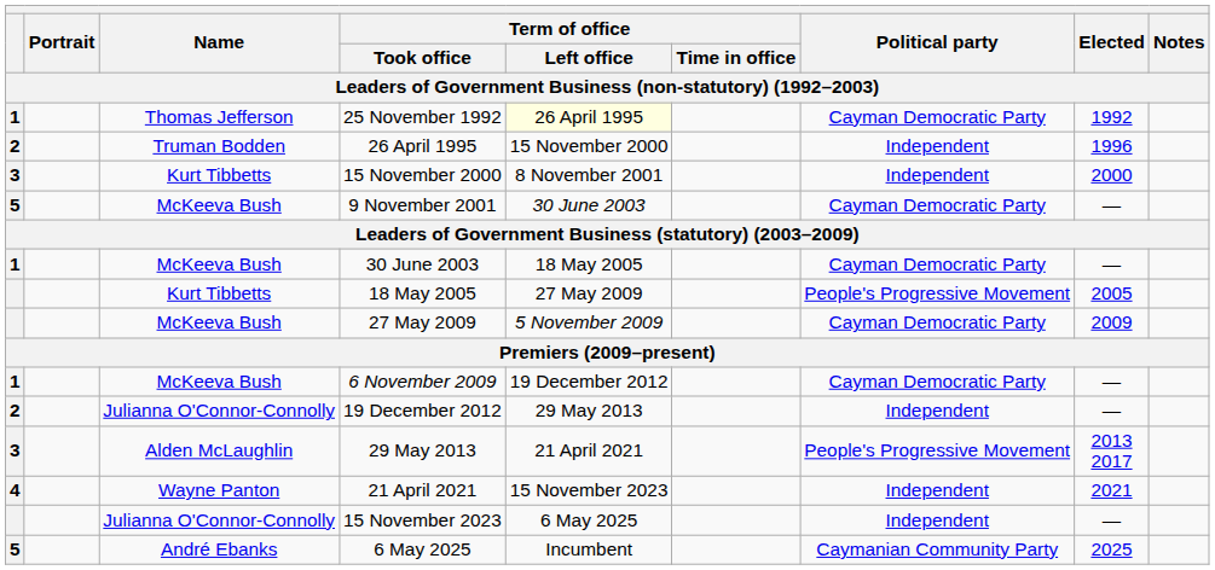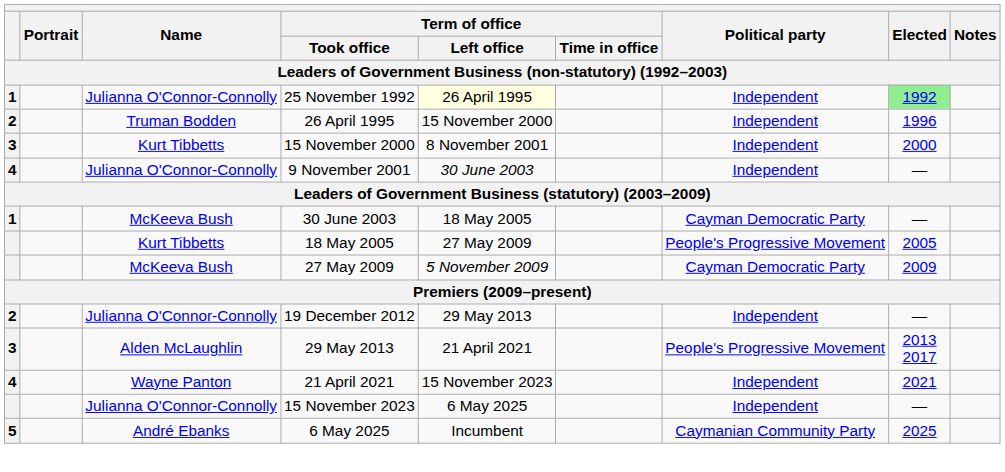 <table class="wikitable" style="text-align:center">
 <tr>
 <th colspan="9">    </th>
 </tr>
 <tr align=center bgcolor=#ebebeb>
 <th rowspan=2></th>
 <th rowspan=2>Portrait</th>
 <th rowspan=2>Name<br></th>
 <th colspan=3>Term of office</th>
 <th rowspan=2>Political party</th>
 <th rowspan=2>Elected</th>
 <th rowspan=2>Notes</th>
 </tr>
 <tr align=center bgcolor=#ebebeb>
 <th>Took office</th>
 <th>Left office</th>
 <th>Time in office</th>
 </tr>
 <tr>
 <th colspan="9">Leaders of Government Business (non-statutory) (1992–2003)</th>
 </tr>
 <tr>
 <th style="background:">1</th>
 <td></td>
-<td><a href='#'>Thomas Jefferson</a><br></td>
+<td><a href='#'>Julianna O'Connor-Connolly</a><br></td>
 <td>25 November 1992</td>
 <td style="background: lightyellow;">26 April 1995</td>
 <td></td>
-<td><a href='#'>Cayman Democratic Party</a></td>
-<td><a href='#'>1992</a></td>
+<td><a href='#'>Independent</a></td>
+<td style="background: lightgreen;"><a href='#'>1992</a></td>
 <td></td>
 </tr>
 <tr>
 <th style="background:">2</th>
 <td></td>
 <td><a href='#'>Truman Bodden</a><br></td>
 <td>26 April 1995</td>
 <td>15 November 2000</td>
 <td></td>
 <td><a href='#'>Independent</a></td>
 <td><a href='#'>1996</a></td>
 <td></td>
 </tr>
 <tr>
 <th style="background:">3</th>
 <td></td>
 <td><a href='#'>Kurt Tibbetts</a><br></td>
 <td>15 November 2000</td>
 <td>8 November 2001</td>
 <td></td>
 <td><a href='#'>Independent</a></td>
 <td><a href='#'>2000</a></td>
 <td></td>
 </tr>
 <tr>
-<th style="background:">5</th>
+<th style="background:">4</th>
 <td></td>
-<td><a href='#'>McKeeva Bush</a><br></td>
+<td><a href='#'>Julianna O'Connor-Connolly</a><br></td>
 <td>9 November 2001</td>
 <td><em>30 June 2003</em></td>
 <td></td>
-<td><a href='#'>Cayman Democratic Party</a></td>
+<td><a href='#'>Independent</a></td>
 <td>—</td>
 <td></td>
 </tr>
 <tr>
 <th colspan="9">Leaders of Government Business (statutory) (2003–2009)</th>
 </tr>
 <tr>
 <th style="background:">1</th>
 <td></td>
 <td><a href='#'>McKeeva Bush</a><br></td>
 <td>30 June 2003</td>
 <td>18 May 2005</td>
 <td></td>
 <td><a href='#'>Cayman Democratic Party</a></td>
 <td>—</td>
 <td></td>
 </tr>
 <tr>
 <th style="background:"></th>
 <td></td>
 <td><a href='#'>Kurt Tibbetts</a><br></td>
 <td>18 May 2005</td>
 <td>27 May 2009</td>
 <td></td>
 <td><a href='#'>People's Progressive Movement</a></td>
 <td><a href='#'>2005</a></td>
 <td></td>
 </tr>
 <tr>
 <th style="background:"></th>
 <td></td>
 <td><a href='#'>McKeeva Bush</a><br></td>
 <td>27 May 2009</td>
 <td><em>5 November 2009</em></td>
 <td></td>
 <td><a href='#'>Cayman Democratic Party</a></td>
 <td><a href='#'>2009</a></td>
 <td></td>
 </tr>
 <tr>
 <th colspan="9">Premiers (2009–present)</th>
-</tr>
-<tr>
-<th style="background:">1</th>
-<td></td>
-<td><a href='#'>McKeeva Bush</a><br></td>
-<td><em>6 November 2009</em></td>
-<td>19 December 2012</td>
-<td></td>
-<td><a href='#'>Cayman Democratic Party</a></td>
-<td>—</td>
-<td></td>
 </tr>
 <tr>
 <th style="background:">2</th>
 <td></td>
 <td><a href='#'>Julianna O'Connor-Connolly</a><br></td>
 <td>19 December 2012</td>
 <td>29 May 2013</td>
 <td></td>
 <td><a href='#'>Independent</a></td>
 <td>—</td>
 <td></td>
 </tr>
 <tr>
 <th style="background:">3</th>
 <td></td>
 <td><a href='#'>Alden McLaughlin</a><br></td>
 <td>29 May 2013</td>
 <td>21 April 2021</td>
 <td></td>
 <td><a href='#'>People's Progressive Movement</a></td>
 <td><a href='#'>2013</a><br><a href='#'>2017</a></td>
 <td></td>
 </tr>
 <tr>
 <th style="background:">4</th>
 <td></td>
 <td><a href='#'>Wayne Panton</a><br></td>
 <td>21 April 2021</td>
 <td>15 November 2023</td>
 <td></td>
 <td><a href='#'>Independent</a></td>
 <td><a href='#'>2021</a></td>
 <td></td>
 </tr>
 <tr>
 <th style="background:"></th>
 <td></td>
 <td><a href='#'>Julianna O'Connor-Connolly</a><br></td>
 <td>15 November 2023</td>
 <td>6 May 2025</td>
 <td></td>
 <td><a href='#'>Independent</a></td>
 <td>—</td>
 <td></td>
 </tr>
 <tr>
 <th style="background:">5</th>
 <td></td>
 <td><a href='#'>André Ebanks</a></td>
 <td>6 May 2025</td>
 <td>Incumbent</td>
 <td></td>
 <td><a href='#'>Caymanian Community Party</a></td>
 <td><a href='#'>2025</a></td>
 </tr>
 </table>
